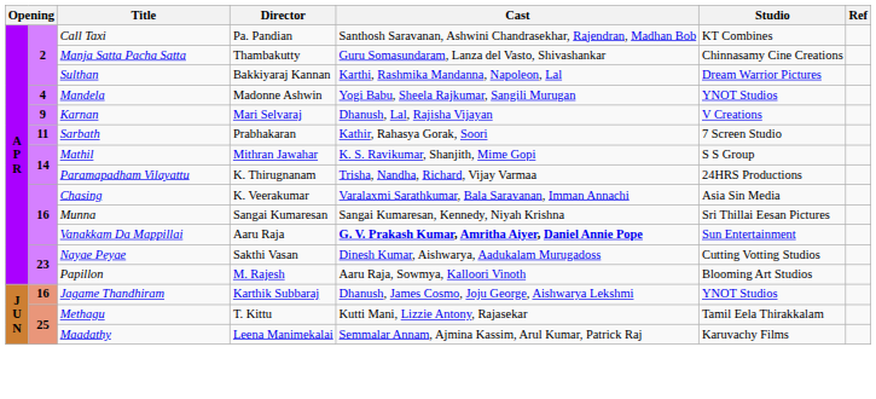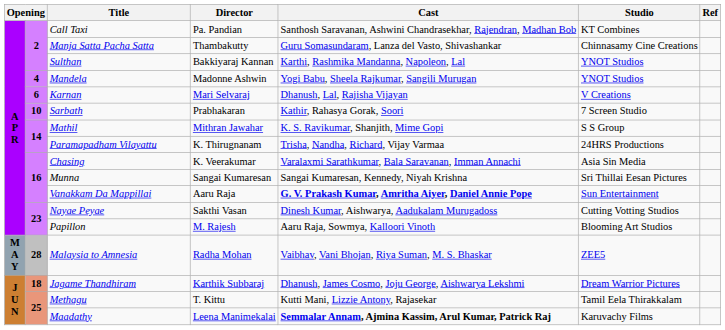 <table class="wikitable sortable">
 <tr>
 <th colspan="2">Opening</th>
 <th style="width:20%;">Title</th>
 <th>Director</th>
 <th>Cast</th>
 <th>Studio</th>
 <th>Ref</th>
 </tr>
 <tr>
 <td rowspan="13" style="text-align:center; background:#a0f; textcolor:#d580ff;"><strong>A<br>P<br>R</strong></td>
 <td rowspan="3" style="text-align:center; background:#d580ff"><strong>2</strong></td>
 <td><em>Call Taxi</em></td>
 <td>Pa. Pandian</td>
 <td>Santhosh Saravanan, Ashwini Chandrasekhar, <a href='#'>Rajendran</a>, <a href='#'>Madhan Bob</a></td>
 <td>KT Combines</td>
 <td></td>
 </tr>
 <tr>
 <td><em><a href='#'>Manja Satta Pacha Satta</a></em></td>
 <td>Thambakutty</td>
 <td><a href='#'>Guru Somasundaram</a>, Lanza del Vasto, Shivashankar</td>
 <td>Chinnasamy Cine Creations</td>
 <td></td>
 </tr>
 <tr>
 <td><em><a href='#'>Sulthan</a></em></td>
 <td>Bakkiyaraj Kannan</td>
 <td><a href='#'>Karthi</a>, <a href='#'>Rashmika Mandanna</a>, <a href='#'>Napoleon</a>, <a href='#'>Lal</a></td>
-<td><a href='#'>Dream Warrior Pictures</a></td>
+<td><a href='#'>YNOT Studios</a></td>
 <td></td>
 </tr>
 <tr>
 <td style="text-align:center; background:#d580ff;"><strong>4</strong></td>
 <td><em><a href='#'>Mandela</a></em></td>
 <td>Madonne Ashwin</td>
 <td><a href='#'>Yogi Babu</a>, <a href='#'>Sheela Rajkumar</a>, <a href='#'>Sangili Murugan</a></td>
 <td><a href='#'>YNOT Studios</a></td>
 <td></td>
 </tr>
 <tr>
-<td style="text-align:center; background:#d580ff;"><strong>9</strong></td>
+<td style="text-align:center; background:#d580ff;"><strong>6</strong></td>
 <td><em><a href='#'>Karnan</a></em></td>
 <td><a href='#'>Mari Selvaraj</a></td>
 <td><a href='#'>Dhanush</a>, <a href='#'>Lal</a>, <a href='#'>Rajisha Vijayan</a></td>
 <td><a href='#'>V Creations</a></td>
 <td></td>
 </tr>
 <tr>
-<td style="text-align:center; background:#d580ff;"><strong>11</strong></td>
+<td style="text-align:center; background:#d580ff;"><strong>10</strong></td>
 <td><em><a href='#'>Sarbath</a></em></td>
 <td>Prabhakaran</td>
 <td><a href='#'>Kathir</a>, Rahasya Gorak, <a href='#'>Soori</a></td>
 <td>7 Screen Studio</td>
 <td></td>
 </tr>
 <tr>
 <td rowspan="2" style="text-align:center; background:#d580ff"><strong>14</strong></td>
 <td><em><a href='#'>Mathil</a></em></td>
 <td><a href='#'>Mithran Jawahar</a></td>
 <td><a href='#'>K. S. Ravikumar</a>, Shanjith, <a href='#'>Mime Gopi</a></td>
 <td>S S Group</td>
 <td></td>
 </tr>
 <tr>
 <td><em><a href='#'>Paramapadham Vilayattu</a></em></td>
 <td>K. Thirugnanam</td>
 <td><a href='#'>Trisha</a>, <a href='#'>Nandha</a>, <a href='#'>Richard</a>, Vijay Varmaa</td>
 <td>24HRS Productions</td>
 <td></td>
 </tr>
 <tr>
 <td rowspan="3" style="text-align:center; background:#d580ff"><strong>16</strong></td>
 <td><em><a href='#'>Chasing</a></em></td>
 <td>K. Veerakumar</td>
 <td><a href='#'>Varalaxmi Sarathkumar</a>, <a href='#'>Bala Saravanan</a>, <a href='#'>Imman Annachi</a></td>
 <td>Asia Sin Media</td>
 <td></td>
 </tr>
 <tr>
 <td><em>Munna</em></td>
 <td>Sangai Kumaresan</td>
 <td>Sangai Kumaresan, Kennedy, Niyah Krishna</td>
 <td>Sri Thillai Eesan Pictures</td>
 <td></td>
 </tr>
 <tr>
 <td><em><a href='#'>Vanakkam Da Mappillai</a></em></td>
 <td>Aaru Raja</td>
 <td><strong><a href='#'>G. V. Prakash Kumar</a>, <a href='#'>Amritha Aiyer</a>, <a href='#'>Daniel Annie Pope</a></strong></td>
 <td><a href='#'>Sun Entertainment</a></td>
 <td></td>
 </tr>
 <tr>
 <td rowspan="2" style="text-align:center; background:#d580ff"><strong>23</strong></td>
 <td><em><a href='#'>Nayae Peyae</a></em></td>
 <td>Sakthi Vasan</td>
 <td><a href='#'>Dinesh Kumar</a>, Aishwarya, <a href='#'>Aadukalam Murugadoss</a></td>
 <td>Cutting Votting Studios</td>
 <td></td>
 </tr>
 <tr>
 <td><em>Papillon</em></td>
 <td><a href='#'>M. Rajesh</a></td>
 <td>Aaru Raja, Sowmya, <a href='#'>Kalloori Vinoth</a></td>
 <td>Blooming Art Studios</td>
 <td></td>
 </tr>
 <tr>
+<td style="text-align:center; background:#91a3b0; textcolor:#000;"><strong>M<br>A<br>Y</strong></td>
+<td style="text-align:center; background:silver;"><strong>28</strong></td>
+<td><em><a href='#'>Malaysia to Amnesia</a></em></td>
+<td><a href='#'>Radha Mohan</a></td>
+<td><a href='#'>Vaibhav</a>, <a href='#'>Vani Bhojan</a>, <a href='#'>Riya Suman</a>, <a href='#'>M. S. Bhaskar</a></td>
+<td><a href='#'>ZEE5</a></td>
+<td></td>
+</tr>
+<tr>
 <td rowspan="3" style="text-align:center; background:#CD7F32; textcolor:#000;"><strong>J<br>U<br>N</strong></td>
-<td style="text-align:center; background:#e9967a;"><strong>16</strong></td>
+<td style="text-align:center; background:#e9967a;"><strong>18</strong></td>
 <td><em><a href='#'>Jagame Thandhiram</a></em></td>
 <td><a href='#'>Karthik Subbaraj</a></td>
 <td><a href='#'>Dhanush</a>, <a href='#'>James Cosmo</a>, <a href='#'>Joju George</a>, <a href='#'>Aishwarya Lekshmi</a></td>
-<td><a href='#'>YNOT Studios</a></td>
+<td><a href='#'>Dream Warrior Pictures</a></td>
 <td></td>
 </tr>
 <tr>
 <td rowspan="2" style="text-align:center;background:#E9967A;"><strong>25</strong></td>
 <td><em><a href='#'>Methagu</a></em></td>
 <td>T. Kittu</td>
 <td>Kutti Mani, <a href='#'>Lizzie Antony</a>, Rajasekar</td>
 <td>Tamil Eela Thirakkalam</td>
 <td></td>
 </tr>
 <tr>
 <td><em><a href='#'>Maadathy</a></em></td>
 <td><a href='#'>Leena Manimekalai</a></td>
-<td><a href='#'>Semmalar Annam</a>, Ajmina Kassim, Arul Kumar, Patrick Raj</td>
+<td><strong><a href='#'>Semmalar Annam</a>, Ajmina Kassim, Arul Kumar, Patrick Raj</strong></td>
 <td>Karuvachy Films</td>
 <td></td>
 </tr>
 </table>
